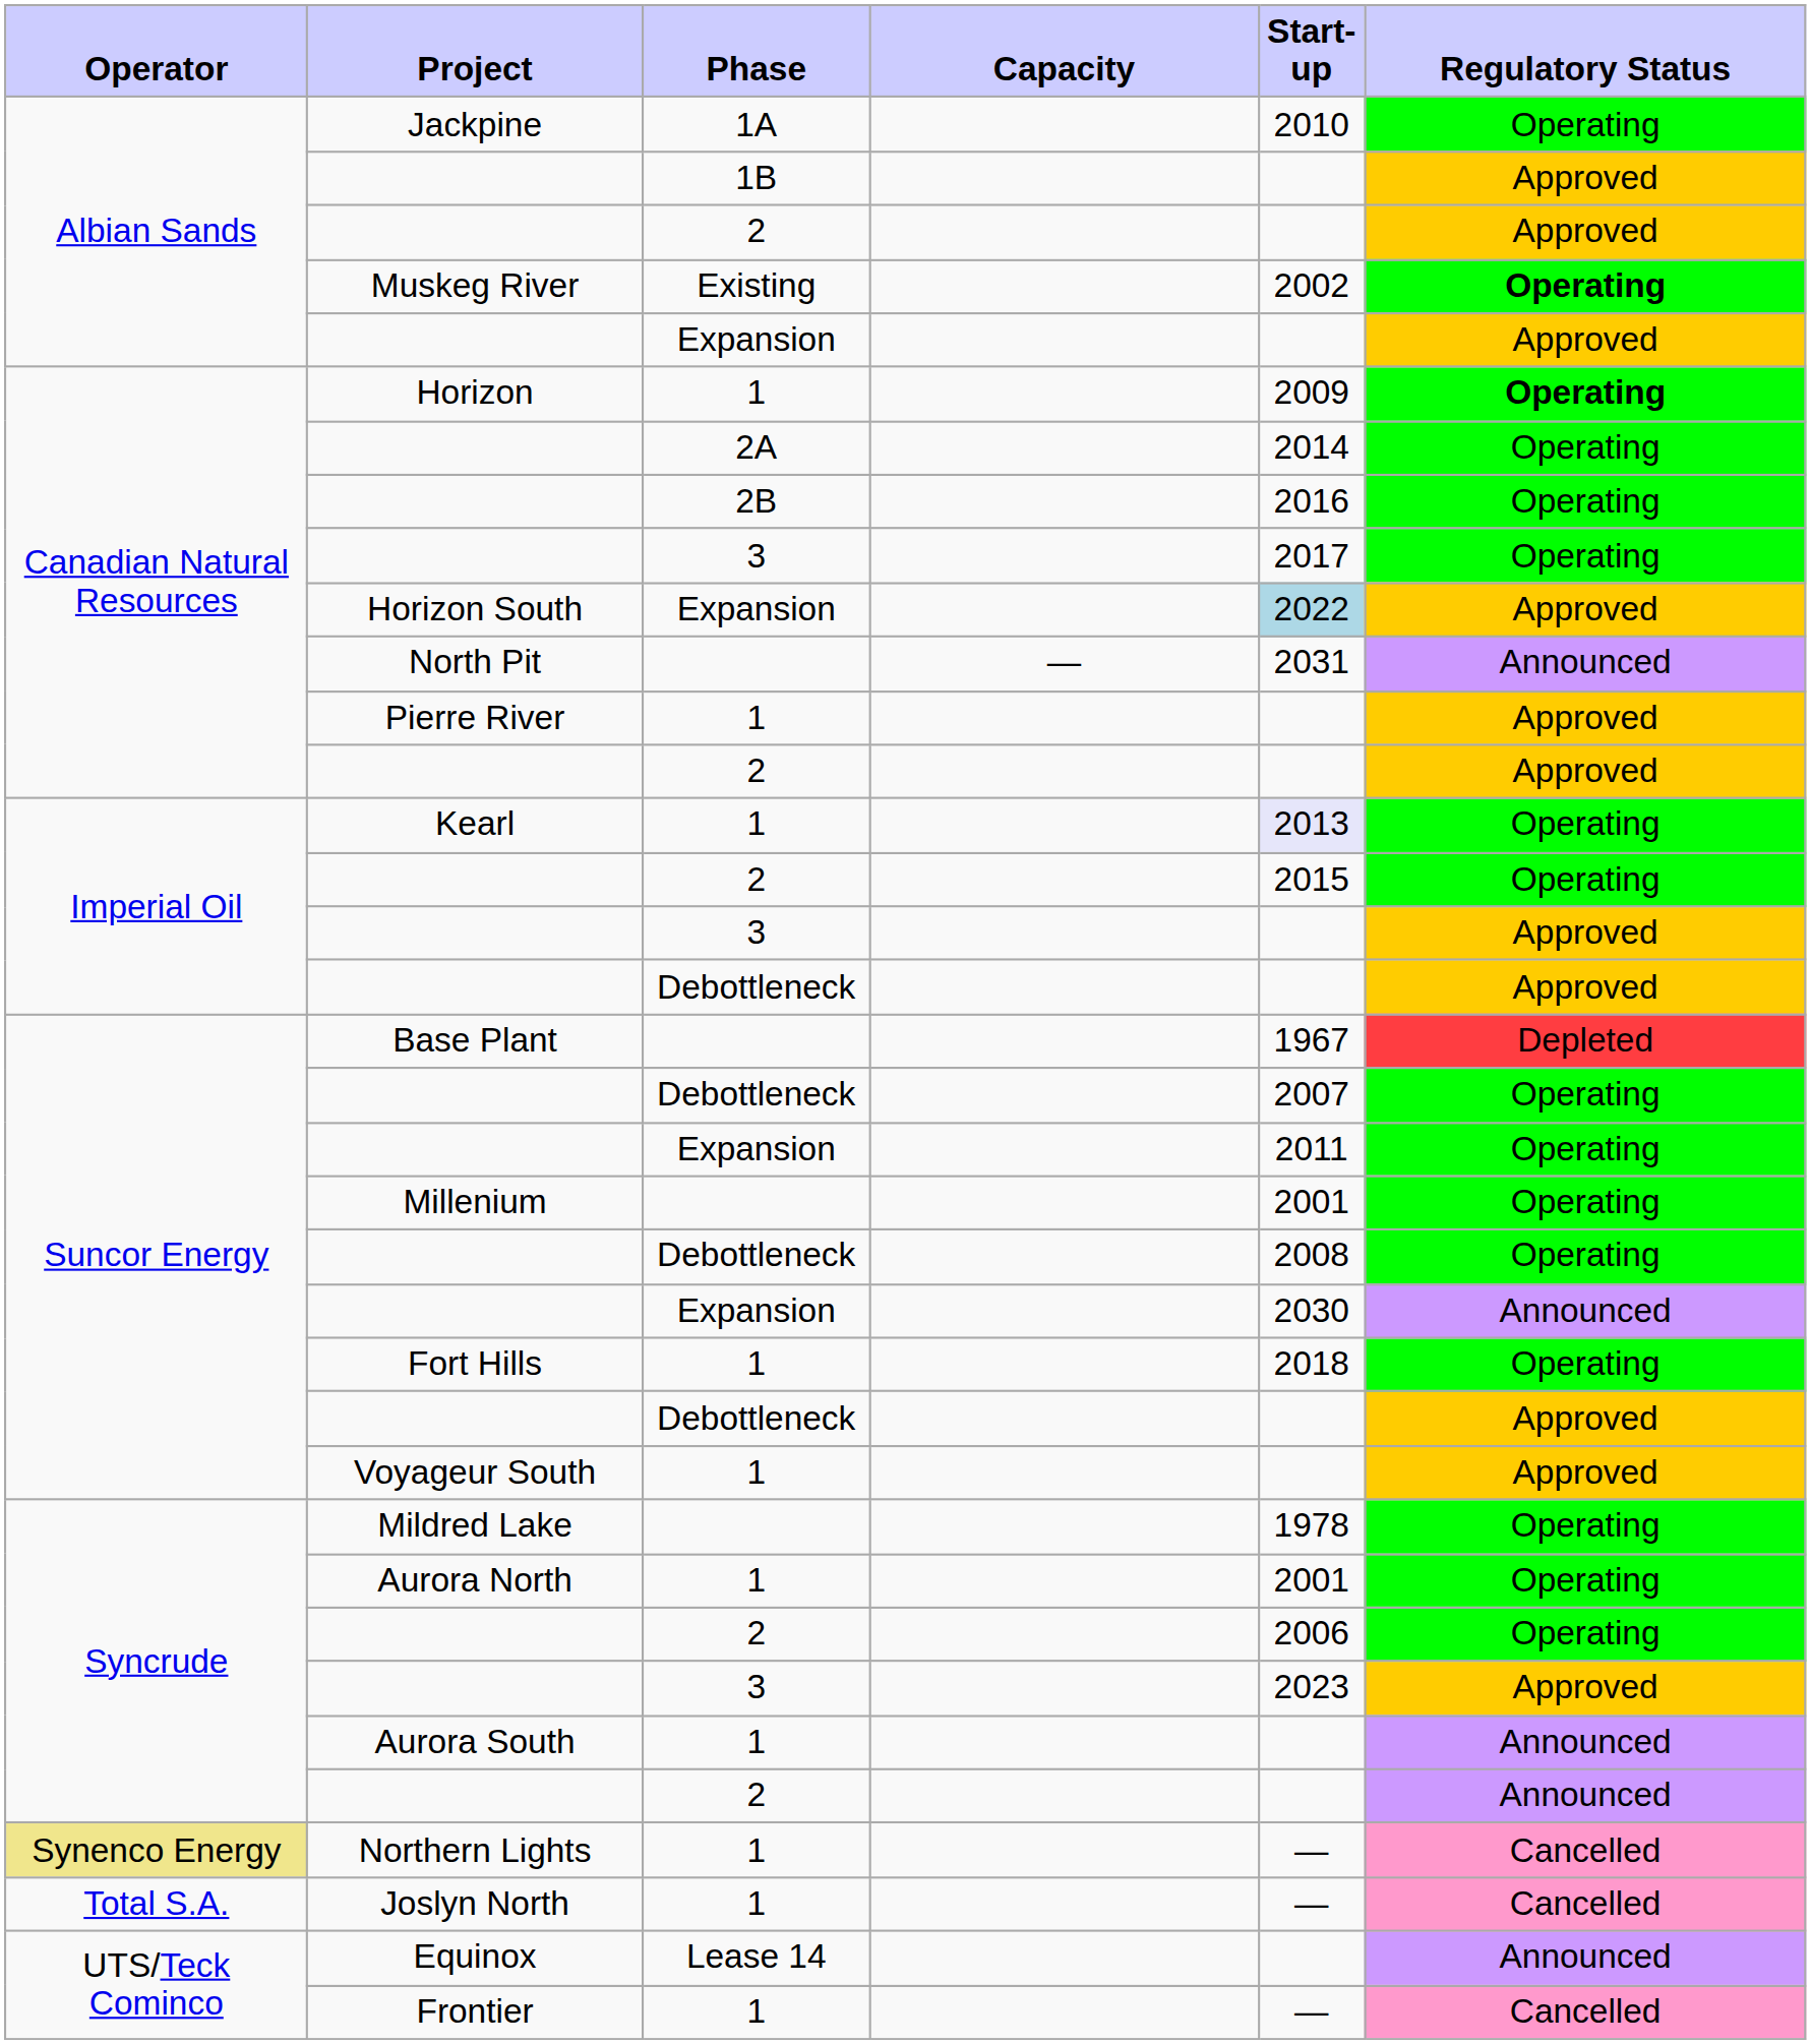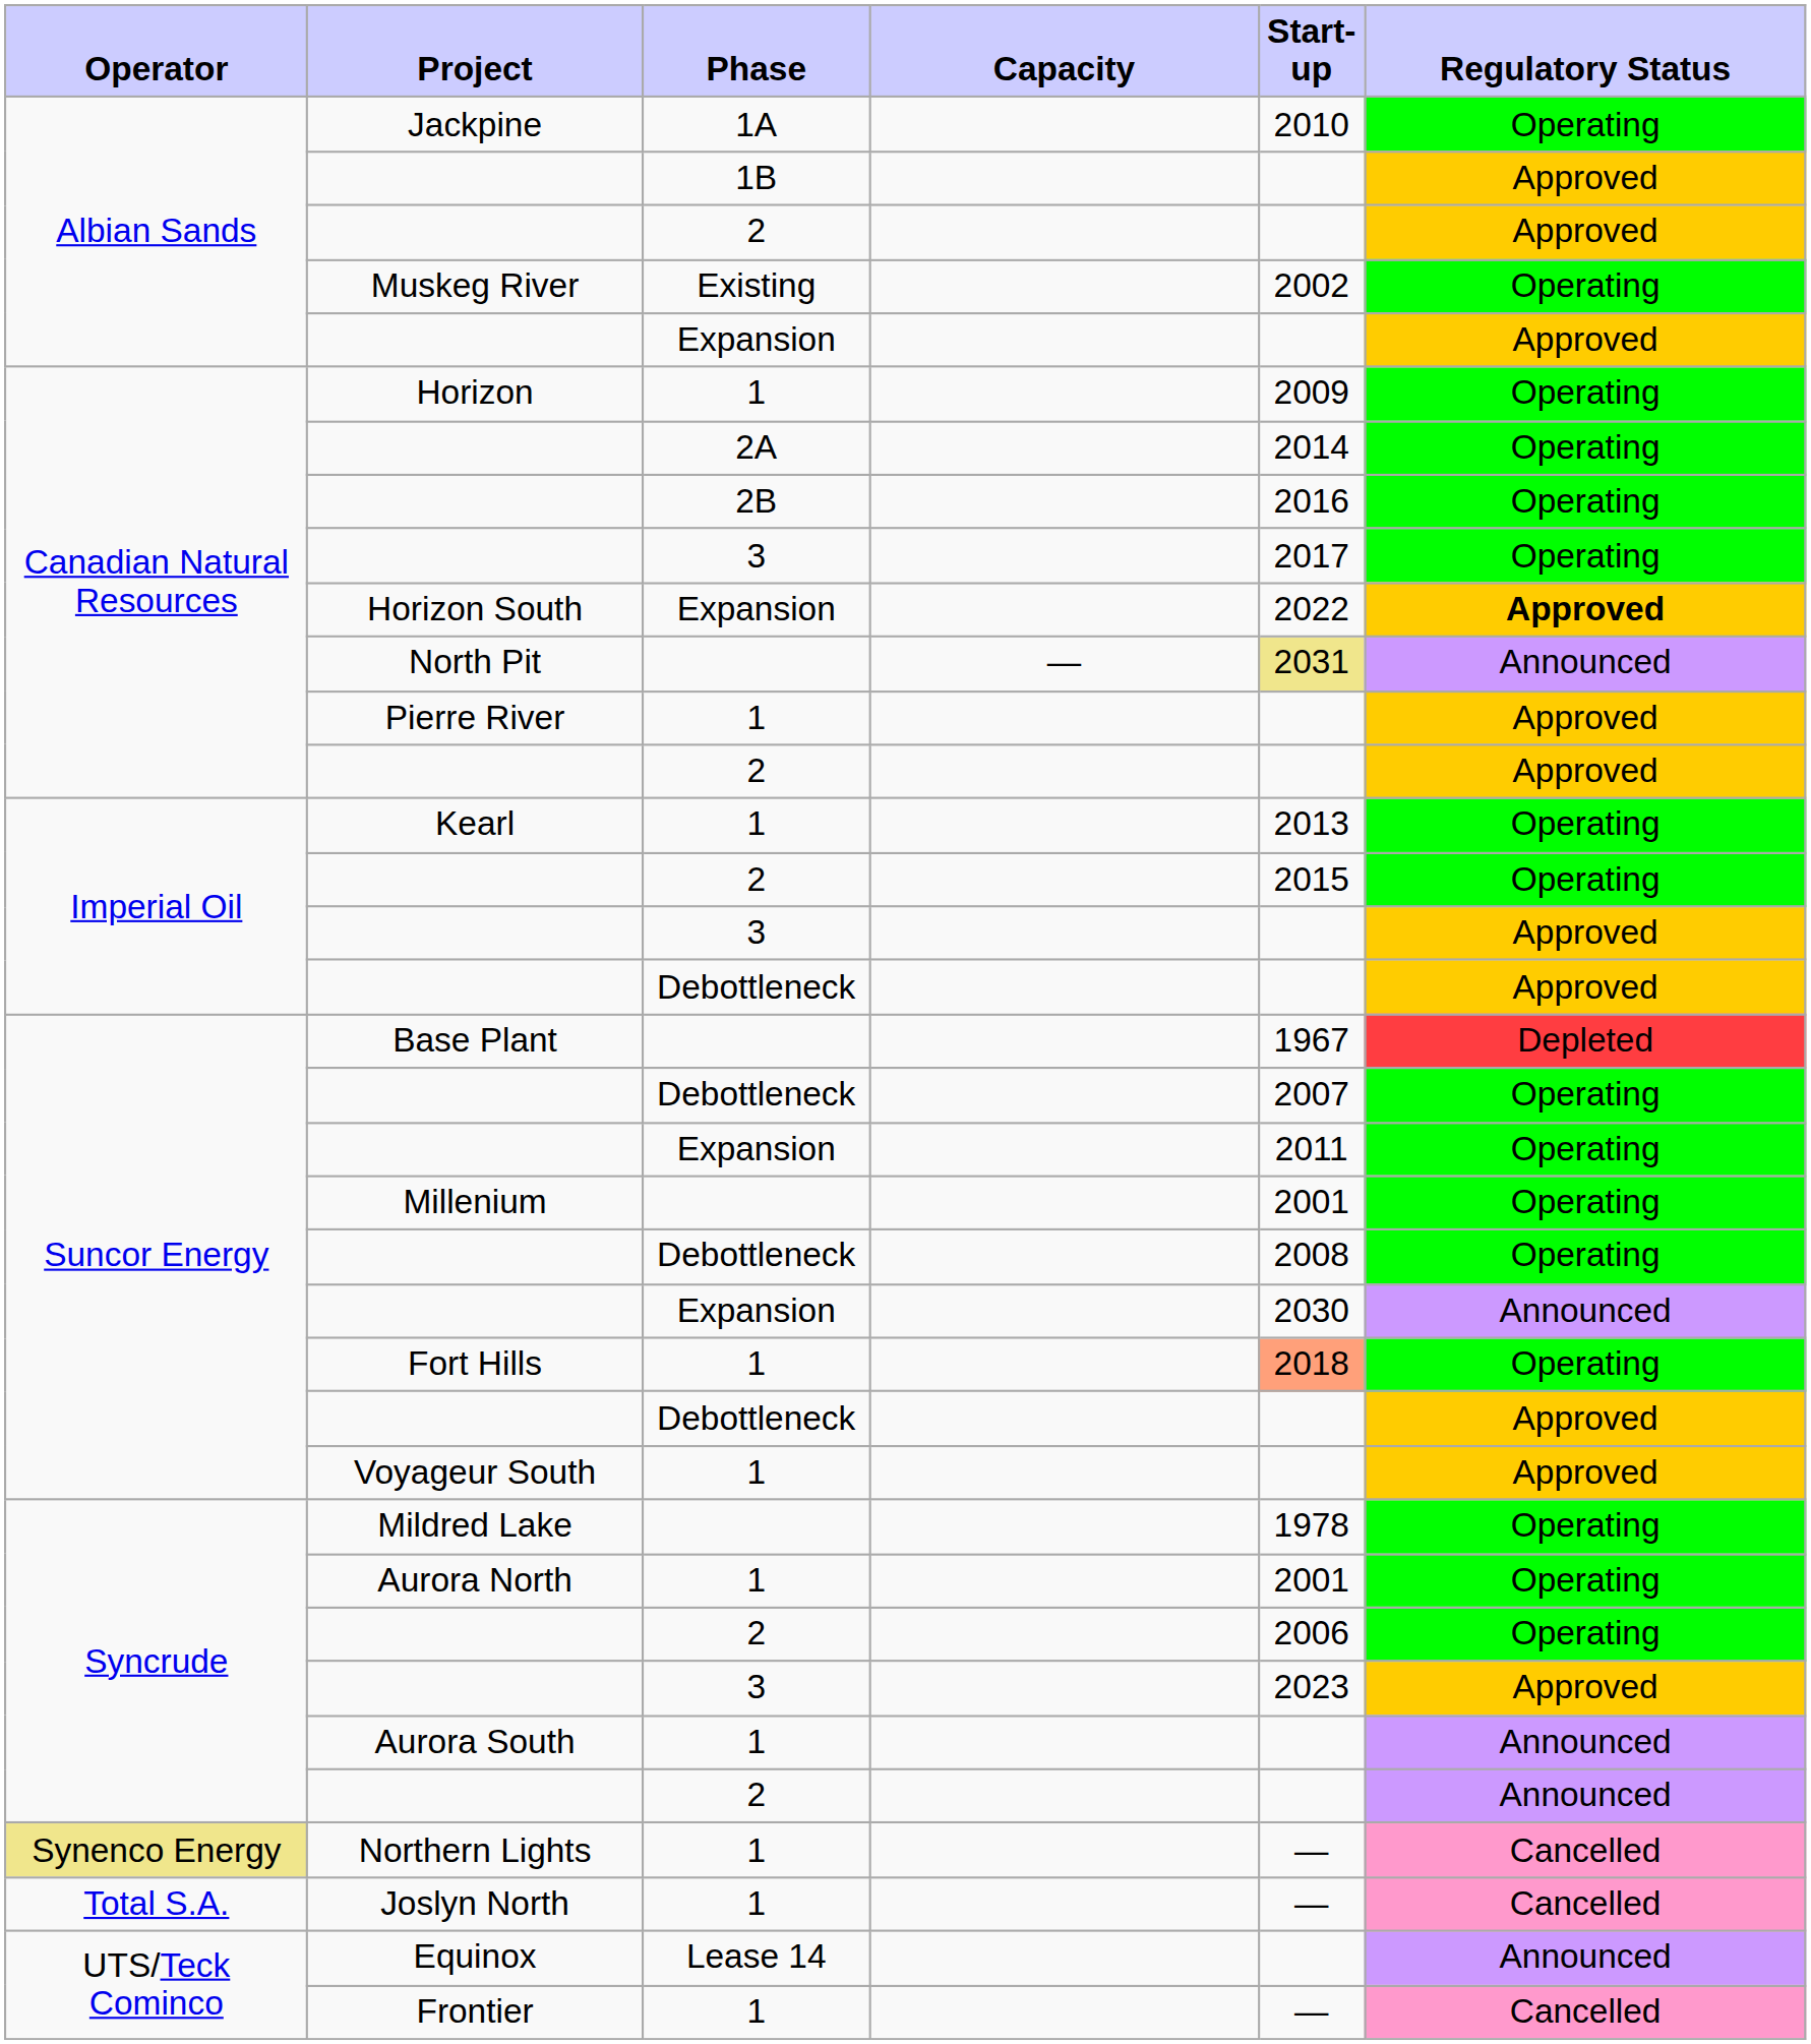 <table class="wikitable" generated with >
 <tr style="text-align:center; background:#ccf; font-weight:bold; vertical-align:bottom;">
 <td style="width:135px; height:13px;">Operator</td>
 <td style="width:150px;">Project</td>
 <td style="width:100px;">Phase</td>
 <td style="width:175px;">Capacity</td>
 <td style="width:43px;">Start-up</td>
 <td style="width:200px;">Regulatory Status</td>
 </tr>
 <tr style="text-align:center;">
 <td rowspan="5" style="height:13px;"><a href='#'>Albian Sands</a></td>
 <td>Jackpine</td>
 <td>1A</td>
 <td></td>
 <td>2010</td>
 <td style="background:#0f0;">Operating</td>
 </tr>
 <tr style="text-align:center;">
 <td> </td>
 <td>1B</td>
 <td></td>
 <td></td>
 <td style="background:#fc0;">Approved</td>
 </tr>
 <tr style="text-align:center;">
 <td> </td>
 <td>2</td>
 <td></td>
 <td></td>
 <td style="background:#fc0;">Approved</td>
 </tr>
 <tr style="text-align:center;">
 <td>Muskeg River</td>
 <td>Existing</td>
 <td></td>
 <td>2002</td>
-<td style="background:#0f0;"><strong>Operating</strong></td>
+<td style="background:#0f0;">Operating</td>
 </tr>
 <tr style="text-align:center;">
 <td> </td>
 <td>Expansion</td>
 <td></td>
 <td></td>
 <td style="background:#fc0;">Approved</td>
 </tr>
 <tr style="text-align:center;">
 <td rowspan="8"><a href='#'>Canadian Natural Resources</a></td>
 <td>Horizon</td>
 <td>1</td>
 <td></td>
 <td>2009</td>
-<td style="background:#0f0;"><strong>Operating</strong></td>
+<td style="background:#0f0;">Operating</td>
 </tr>
 <tr style="text-align:center;">
 <td> </td>
 <td>2A</td>
 <td></td>
 <td>2014</td>
 <td style="background:#0f0;">Operating</td>
 </tr>
 <tr style="text-align:center;">
 <td> </td>
 <td>2B</td>
 <td></td>
 <td>2016</td>
 <td style="background:#0f0;">Operating</td>
 </tr>
 <tr style="text-align:center;">
 <td> </td>
 <td>3</td>
 <td></td>
 <td>2017</td>
 <td style="background:#0f0;">Operating</td>
 </tr>
 <tr style="text-align:center;">
 <td>Horizon South</td>
 <td>Expansion</td>
 <td></td>
-<td style="background: lightblue;">2022</td>
-<td style="background:#fc0;">Approved</td>
+<td>2022</td>
+<td style="background:#fc0;"><strong>Approved</strong></td>
 </tr>
 <tr style="text-align:center;">
 <td>North Pit</td>
 <td></td>
 <td>—</td>
-<td>2031</td>
+<td style="background: khaki;">2031</td>
 <td style="background:#c9f;">Announced</td>
 </tr>
 <tr style="text-align:center;">
 <td>Pierre River</td>
 <td>1</td>
 <td></td>
 <td></td>
 <td style="background:#fc0;">Approved</td>
 </tr>
 <tr style="text-align:center;">
 <td> </td>
 <td>2</td>
 <td></td>
 <td></td>
 <td style="background:#fc0;">Approved</td>
 </tr>
 <tr style="text-align:center;">
 <td rowspan="4" style="height:13px;"><a href='#'>Imperial Oil</a></td>
 <td>Kearl</td>
 <td>1</td>
 <td></td>
-<td style="background: lavender;">2013</td>
+<td>2013</td>
 <td style="background:#0f0;">Operating</td>
 </tr>
 <tr style="text-align:center;">
 <td> </td>
 <td>2</td>
 <td></td>
 <td>2015</td>
 <td style="background:#0f0;">Operating</td>
 </tr>
 <tr style="text-align:center;">
 <td> </td>
 <td>3</td>
 <td></td>
 <td></td>
 <td style="background:#fc0;">Approved</td>
 </tr>
 <tr style="text-align:center;">
 <td> </td>
 <td>Debottleneck</td>
 <td></td>
 <td></td>
 <td style="background:#fc0;">Approved</td>
 </tr>
 <tr style="text-align:center;">
 <td rowspan="9"><a href='#'>Suncor Energy</a></td>
 <td>Base Plant</td>
 <td></td>
 <td></td>
 <td>1967</td>
 <td style="background:#ff3d41;">Depleted</td>
 </tr>
 <tr style="text-align:center;">
 <td> </td>
 <td>Debottleneck</td>
 <td></td>
 <td>2007</td>
 <td style="background:#0f0;">Operating</td>
 </tr>
 <tr style="text-align:center;">
 <td> </td>
 <td>Expansion</td>
 <td></td>
 <td>2011</td>
 <td style="background:#0f0;">Operating</td>
 </tr>
 <tr style="text-align:center;">
 <td>Millenium</td>
 <td> </td>
 <td></td>
 <td>2001</td>
 <td style="background:#0f0;">Operating</td>
 </tr>
 <tr style="text-align:center;">
 <td> </td>
 <td>Debottleneck</td>
 <td></td>
 <td>2008</td>
 <td style="background:#0f0;">Operating</td>
 </tr>
 <tr style="text-align:center;">
 <td> </td>
 <td>Expansion</td>
 <td></td>
 <td>2030</td>
 <td style="background:#c9f;">Announced</td>
 </tr>
 <tr style="text-align:center;">
 <td>Fort Hills</td>
 <td>1</td>
 <td></td>
-<td>2018</td>
+<td style="background: lightsalmon;">2018</td>
 <td style="background:#0f0;">Operating</td>
 </tr>
 <tr style="text-align:center;">
 <td> </td>
 <td>Debottleneck</td>
 <td></td>
 <td></td>
 <td style="background:#fc0;">Approved</td>
 </tr>
 <tr style="text-align:center;">
 <td>Voyageur South</td>
 <td>1</td>
 <td></td>
 <td></td>
 <td style="background:#fc0;">Approved</td>
 </tr>
 <tr style="text-align:center;">
 <td rowspan="6" style="height:13px;"><a href='#'>Syncrude</a></td>
 <td>Mildred Lake</td>
 <td></td>
 <td></td>
 <td>1978</td>
 <td style="background:#0f0;">Operating</td>
 </tr>
 <tr style="text-align:center;">
 <td>Aurora North</td>
 <td>1</td>
 <td></td>
 <td>2001</td>
 <td style="background:#0f0;">Operating</td>
 </tr>
 <tr style="text-align:center;">
 <td> </td>
 <td>2</td>
 <td></td>
 <td>2006</td>
 <td style="background:#0f0;">Operating</td>
 </tr>
 <tr style="text-align:center;">
 <td> </td>
 <td>3</td>
 <td></td>
 <td>2023</td>
 <td style="background:#fc0;">Approved</td>
 </tr>
 <tr style="text-align:center;">
 <td>Aurora South</td>
 <td>1</td>
 <td></td>
 <td></td>
 <td style="background:#c9f;">Announced</td>
 </tr>
 <tr style="text-align:center;">
 <td> </td>
 <td>2</td>
 <td></td>
 <td></td>
 <td style="background:#c9f;">Announced</td>
 </tr>
 <tr style="text-align:center;">
 <td style="background: khaki; height:13px;">Synenco Energy</td>
 <td>Northern Lights</td>
 <td>1</td>
 <td></td>
 <td>—</td>
 <td style="background:#f9c;">Cancelled</td>
 </tr>
 <tr style="text-align:center;">
 <td style="height:13px;"><a href='#'>Total S.A.</a></td>
 <td>Joslyn North</td>
 <td>1</td>
 <td></td>
 <td>—</td>
 <td style="background:#f9c;">Cancelled</td>
 </tr>
 <tr style="text-align:center;">
 <td rowspan="2" style="height:13px;">UTS/<a href='#'>Teck Cominco</a></td>
 <td>Equinox</td>
 <td>Lease 14</td>
 <td></td>
 <td></td>
 <td style="background:#c9f;">Announced</td>
 </tr>
 <tr style="text-align:center;">
 <td>Frontier</td>
 <td>1</td>
 <td></td>
 <td>—</td>
 <td style="background:#f9c;">Cancelled</td>
 </tr>
 </table>
